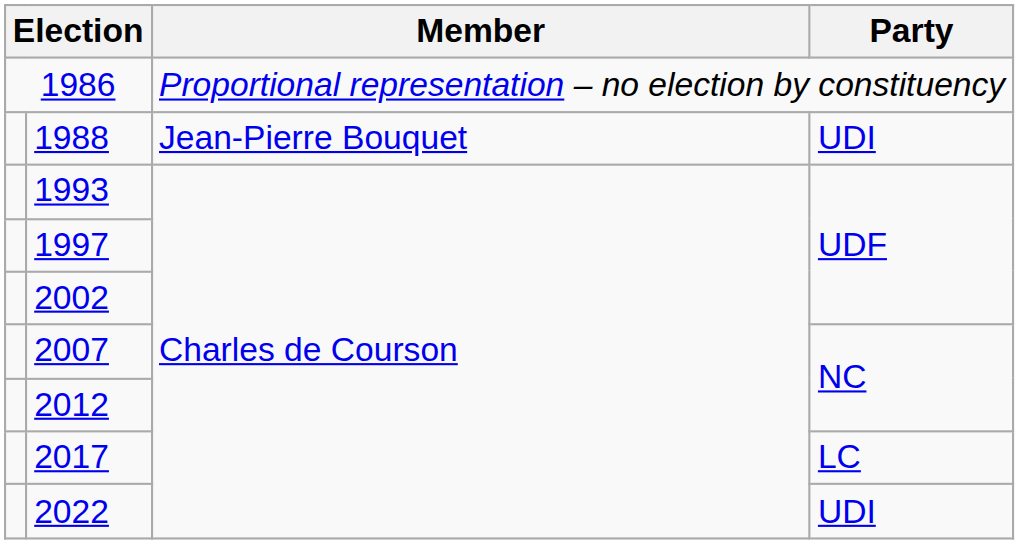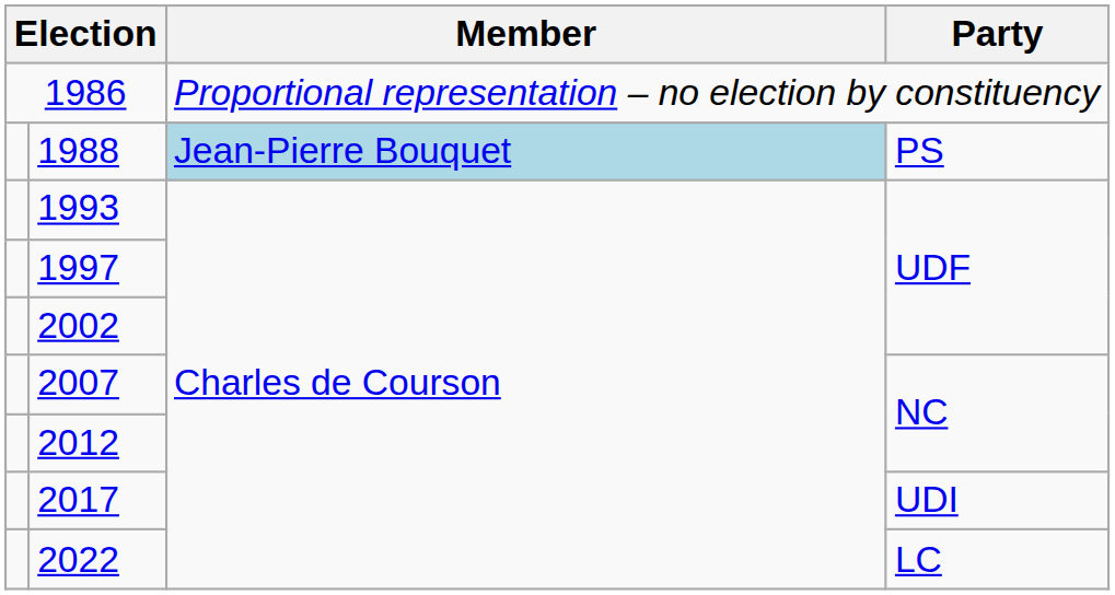 <table class="wikitable">
 <tr>
 <th colspan="2">Election</th>
 <th>Member</th>
 <th>Party</th>
 </tr>
 <tr>
 <td colspan="2" align="center"><a href='#'>1986</a></td>
 <td colspan="2"><em><a href='#'>Proportional representation</a> – no election by constituency</em></td>
 </tr>
 <tr>
 <td style="color:inherit;background-color: "></td>
 <td><a href='#'>1988</a></td>
-<td><a href='#'>Jean-Pierre Bouquet</a></td>
-<td><a href='#'>UDI</a></td>
+<td style="background: lightblue;"><a href='#'>Jean-Pierre Bouquet</a></td>
+<td><a href='#'>PS</a></td>
 </tr>
 <tr>
 <td style="color:inherit;background-color: "></td>
 <td><a href='#'>1993</a></td>
 <td rowspan="7"><a href='#'>Charles de Courson</a></td>
 <td rowspan="3"><a href='#'>UDF</a></td>
 </tr>
 <tr>
 <td style="color:inherit;background-color: "></td>
 <td><a href='#'>1997</a></td>
 </tr>
 <tr>
 <td style="color:inherit;background-color: "></td>
 <td><a href='#'>2002</a></td>
 </tr>
 <tr>
 <td style="color:inherit;background-color: "></td>
 <td><a href='#'>2007</a></td>
 <td rowspan="2"><a href='#'>NC</a></td>
 </tr>
 <tr>
 <td style="color:inherit;background-color: "></td>
 <td><a href='#'>2012</a></td>
 </tr>
 <tr>
 <td style="color:inherit;background-color: "></td>
 <td><a href='#'>2017</a></td>
-<td><a href='#'>LC</a></td>
+<td><a href='#'>UDI</a></td>
 </tr>
 <tr>
 <td style="color:inherit;background-color: "></td>
 <td><a href='#'>2022</a></td>
-<td><a href='#'>UDI</a></td>
+<td><a href='#'>LC</a></td>
 </tr>
 </table>
